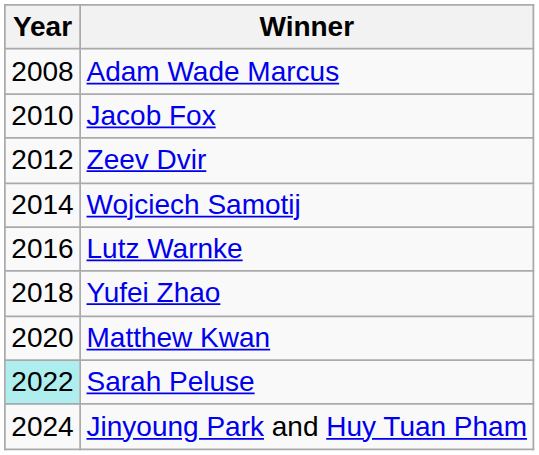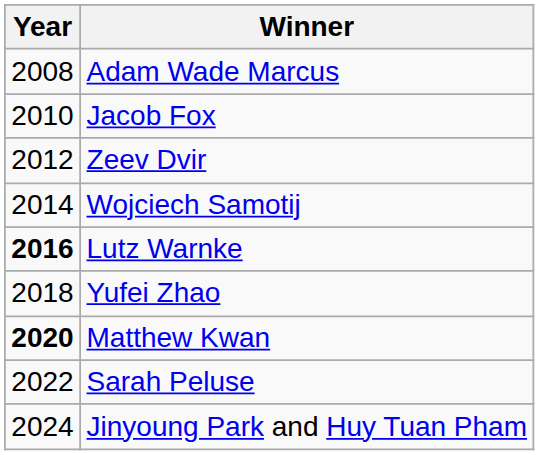 <table class="wikitable">
 <tr>
 <th>Year</th>
 <th>Winner</th>
 </tr>
 <tr>
 <td>2008</td>
 <td><a href='#'>Adam Wade Marcus</a></td>
 </tr>
 <tr>
 <td>2010</td>
 <td><a href='#'>Jacob Fox</a></td>
 </tr>
 <tr>
 <td>2012</td>
 <td><a href='#'>Zeev Dvir</a></td>
 </tr>
 <tr>
 <td>2014</td>
 <td><a href='#'>Wojciech Samotij</a></td>
 </tr>
 <tr>
-<td>2016</td>
+<td><strong>2016</strong></td>
 <td><a href='#'>Lutz Warnke</a></td>
 </tr>
 <tr>
 <td>2018</td>
 <td><a href='#'>Yufei Zhao</a></td>
 </tr>
 <tr>
-<td>2020</td>
+<td><strong>2020</strong></td>
 <td><a href='#'>Matthew Kwan</a></td>
 </tr>
 <tr>
-<td style="background: paleturquoise;">2022</td>
+<td>2022</td>
 <td><a href='#'>Sarah Peluse</a></td>
 </tr>
 <tr>
 <td>2024</td>
 <td><a href='#'>Jinyoung Park</a> and <a href='#'>Huy Tuan Pham</a></td>
 </tr>
 </table>
